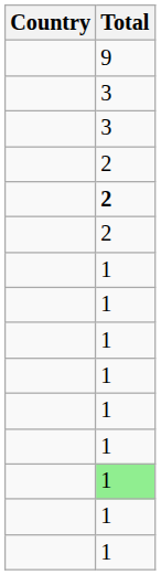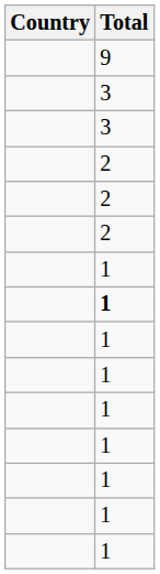 <table class="wikitable sortable">
 <tr>
 <th>Country</th>
 <th>Total</th>
 </tr>
 <tr>
 <td></td>
 <td>9</td>
 </tr>
 <tr>
 <td></td>
 <td>3</td>
 </tr>
 <tr>
 <td></td>
 <td>3</td>
 </tr>
 <tr>
 <td></td>
 <td>2</td>
 </tr>
 <tr>
 <td></td>
-<td><strong>2</strong></td>
+<td>2</td>
 </tr>
 <tr>
 <td></td>
 <td>2</td>
+</tr>
+<tr>
+<td></td>
+<td>1</td>
+</tr>
+<tr>
+<td></td>
+<td><strong>1</strong></td>
 </tr>
 <tr>
 <td></td>
 <td>1</td>
 </tr>
 <tr>
 <td></td>
 <td>1</td>
 </tr>
 <tr>
 <td></td>
 <td>1</td>
 </tr>
 <tr>
 <td></td>
 <td>1</td>
 </tr>
 <tr>
 <td></td>
 <td>1</td>
 </tr>
 <tr>
 <td></td>
 <td>1</td>
 </tr>
 <tr>
 <td></td>
-<td style="background: lightgreen;">1</td>
-</tr>
-<tr>
-<td></td>
-<td>1</td>
-</tr>
-<tr>
-<td></td>
 <td>1</td>
 </tr>
 </table>
